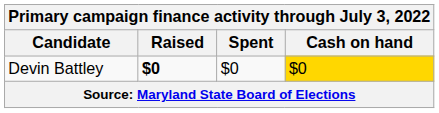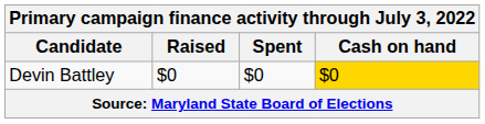 <table class="wikitable sortable">
 <tr>
 <th colspan="4">Primary campaign finance activity through July 3, 2022</th>
 </tr>
 <tr>
 <th>Candidate</th>
 <th>Raised</th>
 <th>Spent</th>
 <th>Cash on hand</th>
 </tr>
 <tr>
 <td data-sort-value="Battley, Devin">Devin Battley</td>
-<td><strong>$0</strong></td>
+<td>$0</td>
 <td>$0</td>
 <td style="background: gold;">$0</td>
 </tr>
 <tr>
 <th colspan="4"><small>Source: <a href='#'>Maryland State Board of Elections</a></small></th>
 </tr>
 </table>
